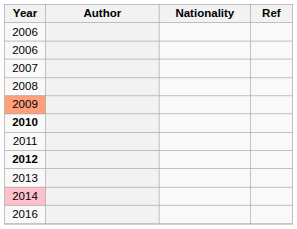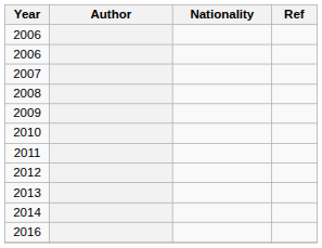 <table class="wikitable sortable plainrowheaders">
 <tr>
 <th scope="col" width=50>Year</th>
 <th scope="col" width=150>Author</th>
 <th scope="col" width=120>Nationality</th>
 <th scope="col" width=50>Ref</th>
 </tr>
 <tr>
 <td align=center>2006</td>
 <th scope="row"></th>
 <td></td>
 <td></td>
 </tr>
 <tr>
 <td align=center>2006</td>
 <th scope="row"></th>
 <td></td>
 <td></td>
 </tr>
 <tr>
 <td align=center>2007</td>
 <th scope="row"></th>
 <td></td>
 <td></td>
 </tr>
 <tr>
 <td align=center>2008</td>
 <th scope="row"></th>
 <td></td>
 <td></td>
 </tr>
 <tr>
-<td align=center style="background: lightsalmon;">2009</td>
+<td align=center>2009</td>
 <th scope="row"></th>
 <td></td>
 <td></td>
 </tr>
 <tr>
-<td align=center><strong>2010</strong></td>
+<td align=center>2010</td>
 <th scope="row"></th>
 <td></td>
 <td></td>
 </tr>
 <tr>
 <td align=center>2011</td>
 <th scope="row"></th>
 <td></td>
 <td></td>
 </tr>
 <tr>
-<td align=center><strong>2012</strong></td>
+<td align=center>2012</td>
 <th scope="row"></th>
 <td></td>
 <td></td>
 </tr>
 <tr>
 <td align=center>2013</td>
 <th scope="row"></th>
 <td></td>
 <td></td>
 </tr>
 <tr>
-<td align=center style="background: pink;">2014</td>
+<td align=center>2014</td>
 <th scope="row"></th>
 <td></td>
 <td></td>
 </tr>
 <tr>
 <td align=center>2016</td>
 <th scope="row"></th>
 <td></td>
 <td></td>
 </tr>
 <tr>
 </tr>
 </table>
